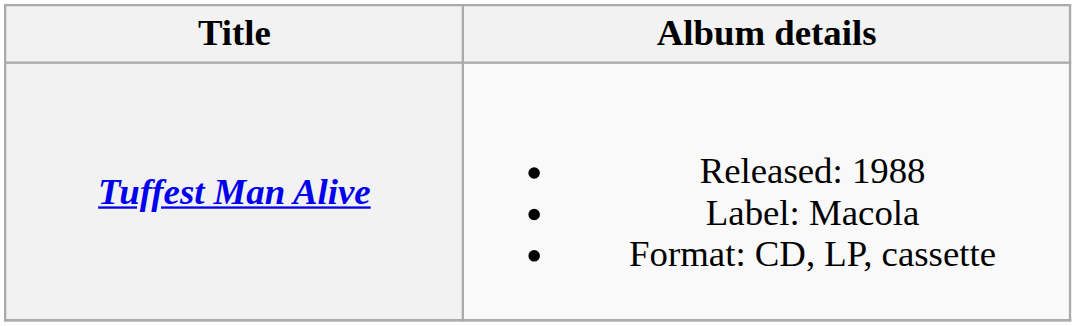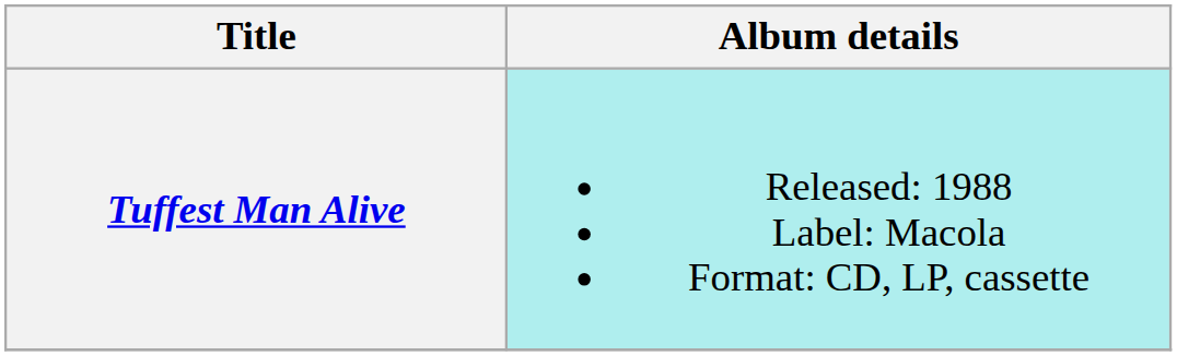 <table class="wikitable plainrowheaders" style="text-align:center;">
 <tr>
 <th scope="col" rowspan="1" style="width:12em;">Title</th>
 <th scope="col" rowspan="1" style="width:16em;">Album details</th>
 </tr>
 <tr>
 <th scope="row"><em><a href='#'>Tuffest Man Alive</a></em></th>
-<td><br><ul><li>Released: 1988</li><li>Label: Macola</li><li>Format: CD, LP, cassette</li></ul></td>
+<td style="background: paleturquoise;"><br><ul><li>Released: 1988</li><li>Label: Macola</li><li>Format: CD, LP, cassette</li></ul></td>
 </tr>
 <tr>
 </tr>
 </table>
